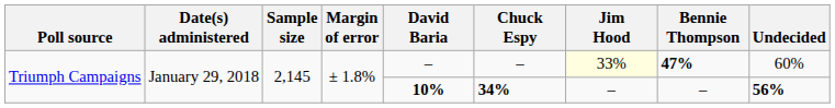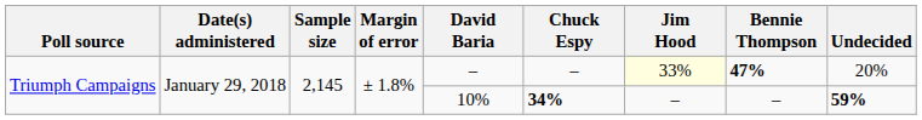 <table class="wikitable" style="font-size:90%">
 <tr valign=bottom>
 <th>Poll source</th>
 <th>Date(s)<br>administered</th>
 <th>Sample<br>size</th>
 <th>Margin<br>of error</th>
 <th style="width:75px;">David<br>Baria</th>
 <th style="width:75px;">Chuck<br>Espy</th>
 <th style="width:75px;">Jim<br>Hood</th>
 <th style="width:75px;">Bennie<br>Thompson</th>
 <th>Undecided</th>
 </tr>
 <tr>
 <td rowspan=2><a href='#'>Triumph Campaigns</a></td>
 <td rowspan=2 align=center>January 29, 2018</td>
 <td rowspan=2 align=center>2,145</td>
 <td rowspan=2 align=center>± 1.8%</td>
 <td align=center>–</td>
 <td align=center>–</td>
 <td align=center style="background: lightyellow;">33%</td>
 <td><strong>47%</strong></td>
-<td align=center>60%</td>
+<td align=center>20%</td>
 </tr>
 <tr>
-<td align=center><strong>10%</strong></td>
+<td align=center>10%</td>
 <td><strong>34%</strong></td>
 <td align=center>–</td>
 <td align=center>–</td>
-<td><strong>56%</strong></td>
+<td><strong>59%</strong></td>
 </tr>
 </table>
